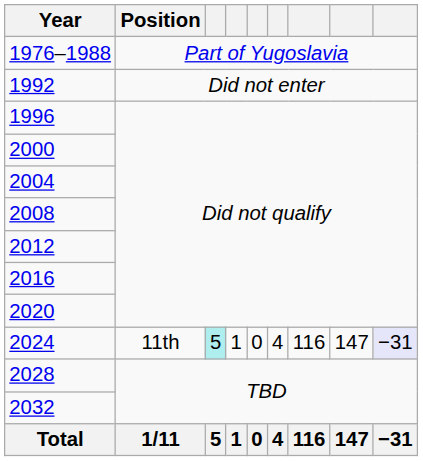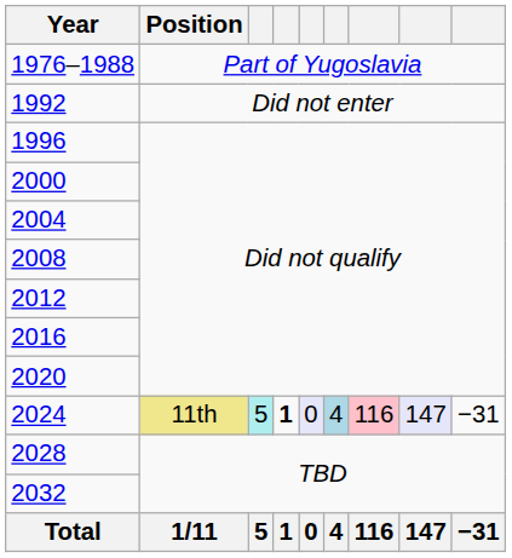 <table class="wikitable" style="text-align:center;">
 <tr>
 <th>Year</th>
 <th>Position</th>
 <th></th>
 <th></th>
 <th></th>
 <th></th>
 <th></th>
 <th></th>
 <th></th>
 </tr>
 <tr>
 <td><a href='#'>1976</a>–<a href='#'>1988</a></td>
 <td colspan="8"><em><a href='#'>Part of Yugoslavia</a></em></td>
 </tr>
 <tr>
 <td align=left> <a href='#'>1992</a></td>
 <td colspan="8"><em>Did not enter</em></td>
 </tr>
 <tr>
 <td align=left> <a href='#'>1996</a></td>
 <td colspan="8" rowspan=7><em>Did not qualify</em></td>
 </tr>
 <tr>
 <td align=left> <a href='#'>2000</a></td>
 </tr>
 <tr>
 <td align=left> <a href='#'>2004</a></td>
 </tr>
 <tr>
 <td align=left> <a href='#'>2008</a></td>
 </tr>
 <tr>
 <td align=left> <a href='#'>2012</a></td>
 </tr>
 <tr>
 <td align=left> <a href='#'>2016</a></td>
 </tr>
 <tr>
 <td align=left> <a href='#'>2020</a></td>
 </tr>
 <tr>
 <td align=left> <a href='#'>2024</a></td>
-<td>11th</td>
+<td style="background: khaki;">11th</td>
 <td style="background: paleturquoise;">5</td>
-<td>1</td>
-<td>0</td>
-<td>4</td>
-<td>116</td>
-<td>147</td>
-<td style="background: lavender;">−31</td>
+<td><strong>1</strong></td>
+<td style="background: lavender;">0</td>
+<td style="background: lightblue;">4</td>
+<td style="background: pink;">116</td>
+<td style="background: lavender;">147</td>
+<td>−31</td>
 </tr>
 <tr>
 <td align=left> <a href='#'>2028</a></td>
 <td colspan="8" rowspan="2"><em>TBD</em></td>
 </tr>
 <tr>
 <td align=left> <a href='#'>2032</a></td>
 </tr>
 <tr>
 <th>Total</th>
 <th>1/11</th>
 <th>5</th>
 <th>1</th>
 <th>0</th>
 <th>4</th>
 <th>116</th>
 <th>147</th>
 <th>−31</th>
 </tr>
 </table>
